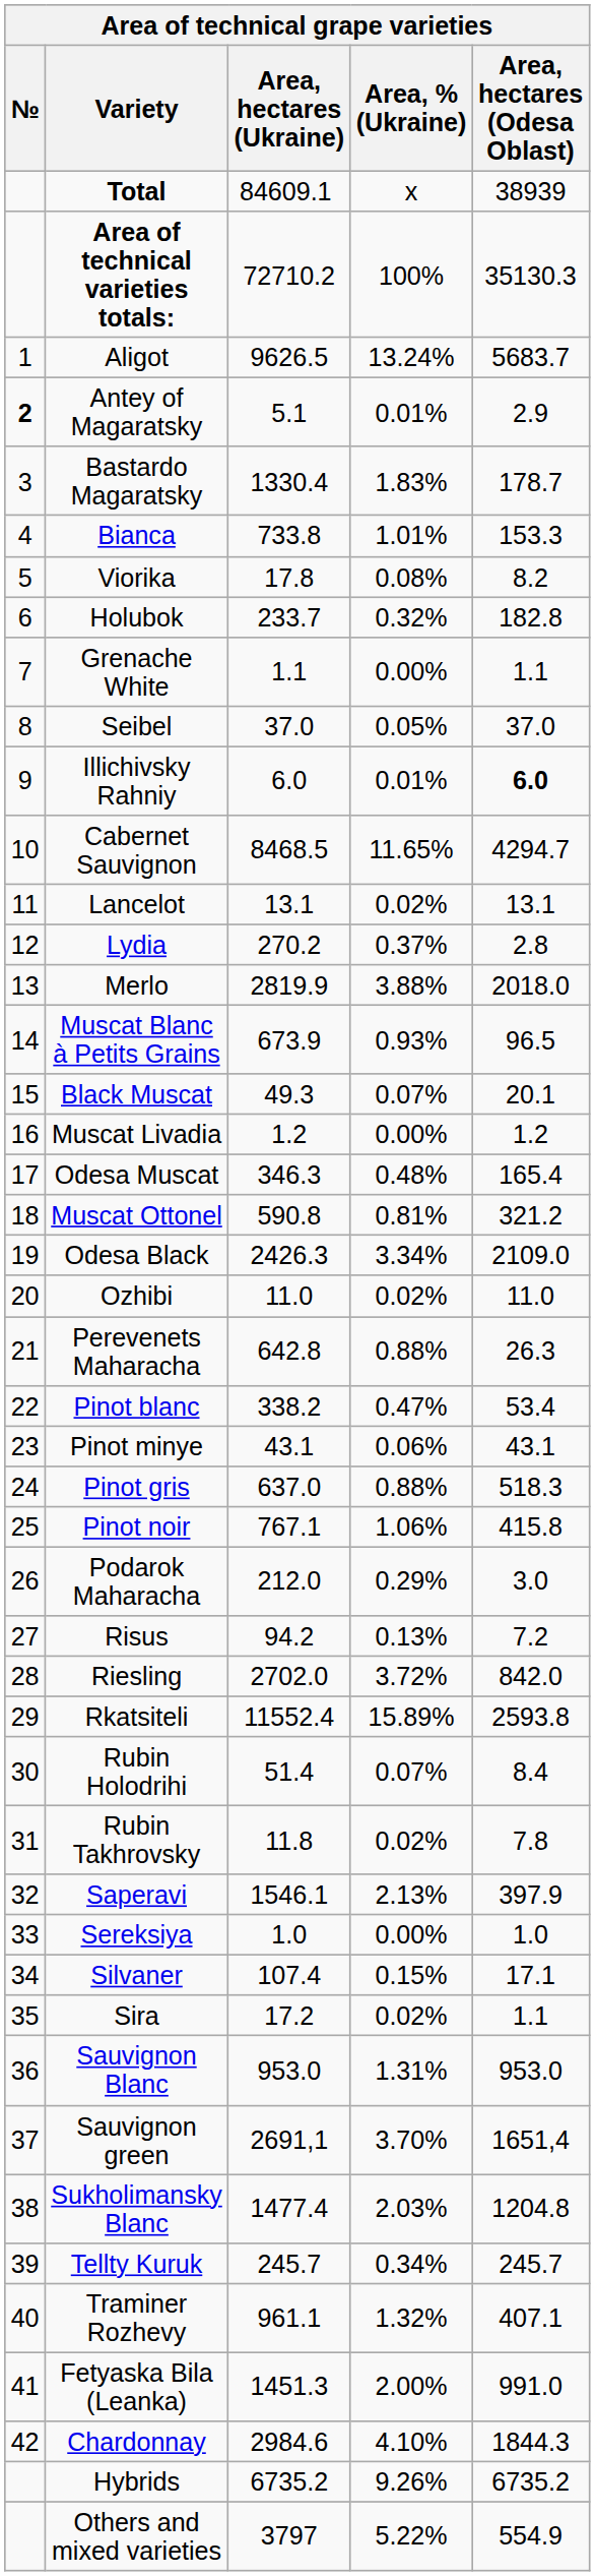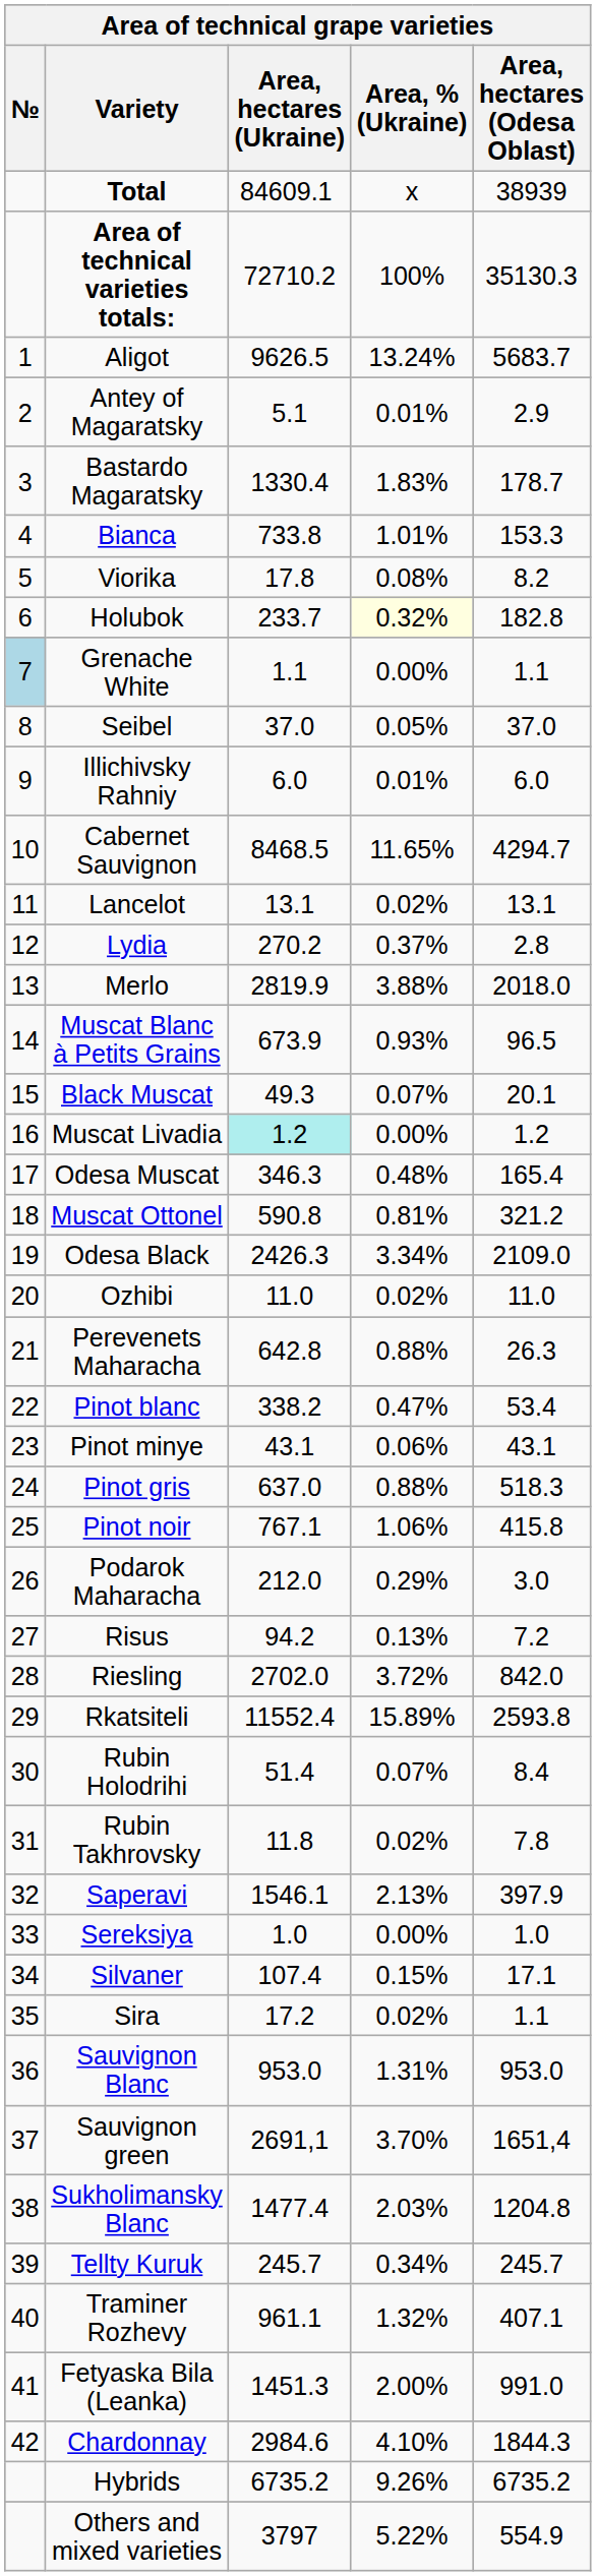 <table class="wikitable sortable mw-collapsible float-left" width="30%" style="font-size:95%; text-align:center;">
 <tr>
 <th colspan="5">Area of technical grape varieties</th>
 </tr>
 <tr>
 <th>№</th>
 <th>Variety</th>
 <th>Area, hectares (Ukraine)</th>
 <th>Area, % (Ukraine)</th>
 <th>Area, hectares (Odesa Oblast)</th>
 </tr>
 <tr>
 <td></td>
 <td><strong>Total</strong></td>
 <td>84609.1 </td>
 <td>x</td>
 <td>38939</td>
 </tr>
 <tr>
 <td></td>
 <td><strong>Area of technical varieties totals:</strong></td>
 <td>72710.2</td>
 <td>100%</td>
 <td>35130.3</td>
 </tr>
 <tr>
 <td>1</td>
 <td>Aligot</td>
 <td>9626.5</td>
 <td>13.24%</td>
 <td>5683.7</td>
 </tr>
 <tr>
-<td><strong>2</strong></td>
+<td>2</td>
 <td>Antey of Magaratsky</td>
 <td>5.1</td>
 <td>0.01%</td>
 <td>2.9</td>
 </tr>
 <tr>
 <td>3</td>
 <td>Bastardo Magaratsky</td>
 <td>1330.4</td>
 <td>1.83%</td>
 <td>178.7</td>
 </tr>
 <tr>
 <td>4</td>
 <td><a href='#'>Bianca</a></td>
 <td>733.8</td>
 <td>1.01%</td>
 <td>153.3</td>
 </tr>
 <tr>
 <td>5</td>
 <td>Viorika</td>
 <td>17.8</td>
 <td>0.08%</td>
 <td>8.2</td>
 </tr>
 <tr>
 <td>6</td>
 <td>Holubok</td>
 <td>233.7</td>
-<td>0.32%</td>
+<td style="background: lightyellow;">0.32%</td>
 <td>182.8</td>
 </tr>
 <tr>
-<td>7</td>
+<td style="background: lightblue;">7</td>
 <td>Grenache White</td>
 <td>1.1</td>
 <td>0.00%</td>
 <td>1.1</td>
 </tr>
 <tr>
 <td>8</td>
 <td>Seibel</td>
 <td>37.0</td>
 <td>0.05%</td>
 <td>37.0</td>
 </tr>
 <tr>
 <td>9</td>
 <td>Illichivsky Rahniy</td>
 <td>6.0</td>
 <td>0.01%</td>
-<td><strong>6.0</strong></td>
+<td>6.0</td>
 </tr>
 <tr>
 <td>10</td>
 <td>Cabernet Sauvignon</td>
 <td>8468.5</td>
 <td>11.65%</td>
 <td>4294.7</td>
 </tr>
 <tr>
 <td>11</td>
 <td>Lancelot</td>
 <td>13.1</td>
 <td>0.02%</td>
 <td>13.1</td>
 </tr>
 <tr>
 <td>12</td>
 <td><a href='#'>Lydia</a></td>
 <td>270.2</td>
 <td>0.37%</td>
 <td>2.8</td>
 </tr>
 <tr>
 <td>13</td>
 <td>Merlo</td>
 <td>2819.9</td>
 <td>3.88%</td>
 <td>2018.0</td>
 </tr>
 <tr>
 <td>14</td>
 <td><a href='#'>Muscat Blanc à Petits Grains</a></td>
 <td>673.9</td>
 <td>0.93%</td>
 <td>96.5</td>
 </tr>
 <tr>
 <td>15</td>
 <td><a href='#'>Black Muscat</a></td>
 <td>49.3</td>
 <td>0.07%</td>
 <td>20.1</td>
 </tr>
 <tr>
 <td>16</td>
 <td>Muscat Livadia</td>
-<td>1.2</td>
+<td style="background: paleturquoise;">1.2</td>
 <td>0.00%</td>
 <td>1.2</td>
 </tr>
 <tr>
 <td>17</td>
 <td>Odesa Muscat</td>
 <td>346.3</td>
 <td>0.48%</td>
 <td>165.4</td>
 </tr>
 <tr>
 <td>18</td>
 <td><a href='#'>Muscat Ottonel</a></td>
 <td>590.8</td>
 <td>0.81%</td>
 <td>321.2</td>
 </tr>
 <tr>
 <td>19</td>
 <td>Odesa Black</td>
 <td>2426.3</td>
 <td>3.34%</td>
 <td>2109.0</td>
 </tr>
 <tr>
 <td>20</td>
 <td>Ozhibi</td>
 <td>11.0</td>
 <td>0.02%</td>
 <td>11.0</td>
 </tr>
 <tr>
 <td>21</td>
 <td>Perevenets Maharacha</td>
 <td>642.8</td>
 <td>0.88%</td>
 <td>26.3</td>
 </tr>
 <tr>
 <td>22</td>
 <td><a href='#'>Pinot blanc</a></td>
 <td>338.2</td>
 <td>0.47%</td>
 <td>53.4</td>
 </tr>
 <tr>
 <td>23</td>
 <td>Pinot minye</td>
 <td>43.1</td>
 <td>0.06%</td>
 <td>43.1</td>
 </tr>
 <tr>
 <td>24</td>
 <td><a href='#'>Pinot gris</a></td>
 <td>637.0</td>
 <td>0.88%</td>
 <td>518.3</td>
 </tr>
 <tr>
 <td>25</td>
 <td><a href='#'>Pinot noir</a></td>
 <td>767.1</td>
 <td>1.06%</td>
 <td>415.8</td>
 </tr>
 <tr>
 <td>26</td>
 <td>Podarok Maharacha</td>
 <td>212.0</td>
 <td>0.29%</td>
 <td>3.0</td>
 </tr>
 <tr>
 <td>27</td>
 <td>Risus</td>
 <td>94.2</td>
 <td>0.13%</td>
 <td>7.2</td>
 </tr>
 <tr>
 <td>28</td>
 <td>Riesling</td>
 <td>2702.0</td>
 <td>3.72%</td>
 <td>842.0</td>
 </tr>
 <tr>
 <td>29</td>
 <td>Rkatsiteli</td>
 <td>11552.4</td>
 <td>15.89%</td>
 <td>2593.8</td>
 </tr>
 <tr>
 <td>30</td>
 <td>Rubin Holodrihi</td>
 <td>51.4</td>
 <td>0.07%</td>
 <td>8.4</td>
 </tr>
 <tr>
 <td>31</td>
 <td>Rubin Takhrovsky</td>
 <td>11.8</td>
 <td>0.02%</td>
 <td>7.8</td>
 </tr>
 <tr>
 <td>32</td>
 <td><a href='#'>Saperavi</a></td>
 <td>1546.1</td>
 <td>2.13%</td>
 <td>397.9</td>
 </tr>
 <tr>
 <td>33</td>
 <td><a href='#'>Sereksiya</a></td>
 <td>1.0</td>
 <td>0.00%</td>
 <td>1.0</td>
 </tr>
 <tr>
 <td>34</td>
 <td><a href='#'>Silvaner</a></td>
 <td>107.4</td>
 <td>0.15%</td>
 <td>17.1</td>
 </tr>
 <tr>
 <td>35</td>
 <td>Sira</td>
 <td>17.2</td>
 <td>0.02%</td>
 <td>1.1</td>
 </tr>
 <tr>
 <td>36</td>
 <td><a href='#'>Sauvignon Blanc</a></td>
 <td>953.0</td>
 <td>1.31%</td>
 <td>953.0</td>
 </tr>
 <tr>
 <td>37</td>
 <td>Sauvignon green</td>
 <td>2691,1</td>
 <td>3.70%</td>
 <td>1651,4</td>
 </tr>
 <tr>
 <td>38</td>
 <td><a href='#'>Sukholimansky Blanc</a></td>
 <td>1477.4</td>
 <td>2.03%</td>
 <td>1204.8</td>
 </tr>
 <tr>
 <td>39</td>
 <td><a href='#'>Tellty Kuruk</a></td>
 <td>245.7</td>
 <td>0.34%</td>
 <td>245.7</td>
 </tr>
 <tr>
 <td>40</td>
 <td>Traminer Rozhevy</td>
 <td>961.1</td>
 <td>1.32%</td>
 <td>407.1</td>
 </tr>
 <tr>
 <td>41</td>
 <td>Fetyaska Bila (Leanka)</td>
 <td>1451.3</td>
 <td>2.00%</td>
 <td>991.0</td>
 </tr>
 <tr>
 <td>42</td>
 <td><a href='#'>Chardonnay</a></td>
 <td>2984.6</td>
 <td>4.10%</td>
 <td>1844.3</td>
 </tr>
 <tr>
 <td></td>
 <td>Hybrids</td>
 <td>6735.2</td>
 <td>9.26%</td>
 <td>6735.2</td>
 </tr>
 <tr>
 <td></td>
 <td>Others and mixed varieties</td>
 <td>3797</td>
 <td>5.22%</td>
 <td>554.9</td>
 </tr>
 </table>
